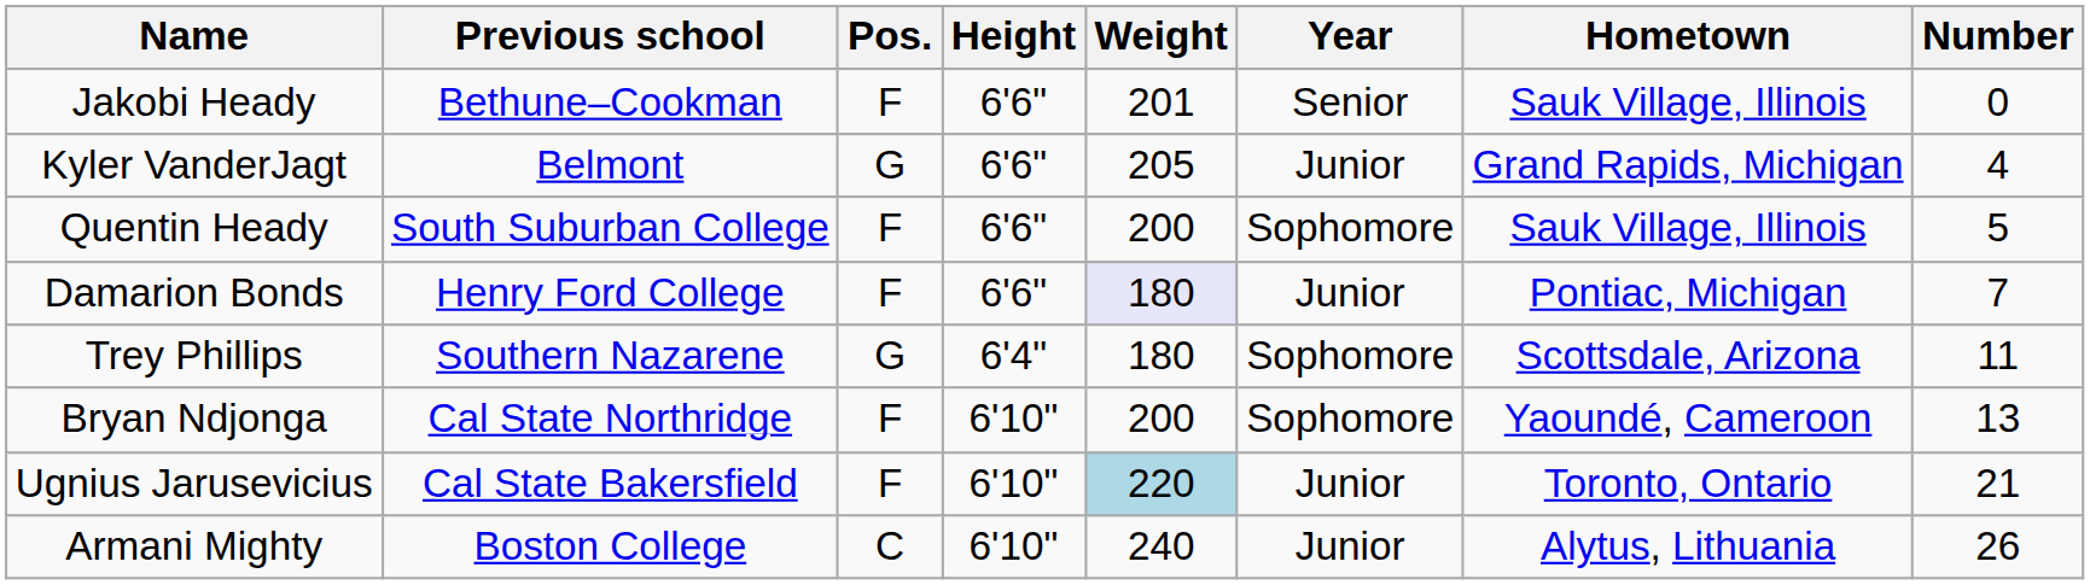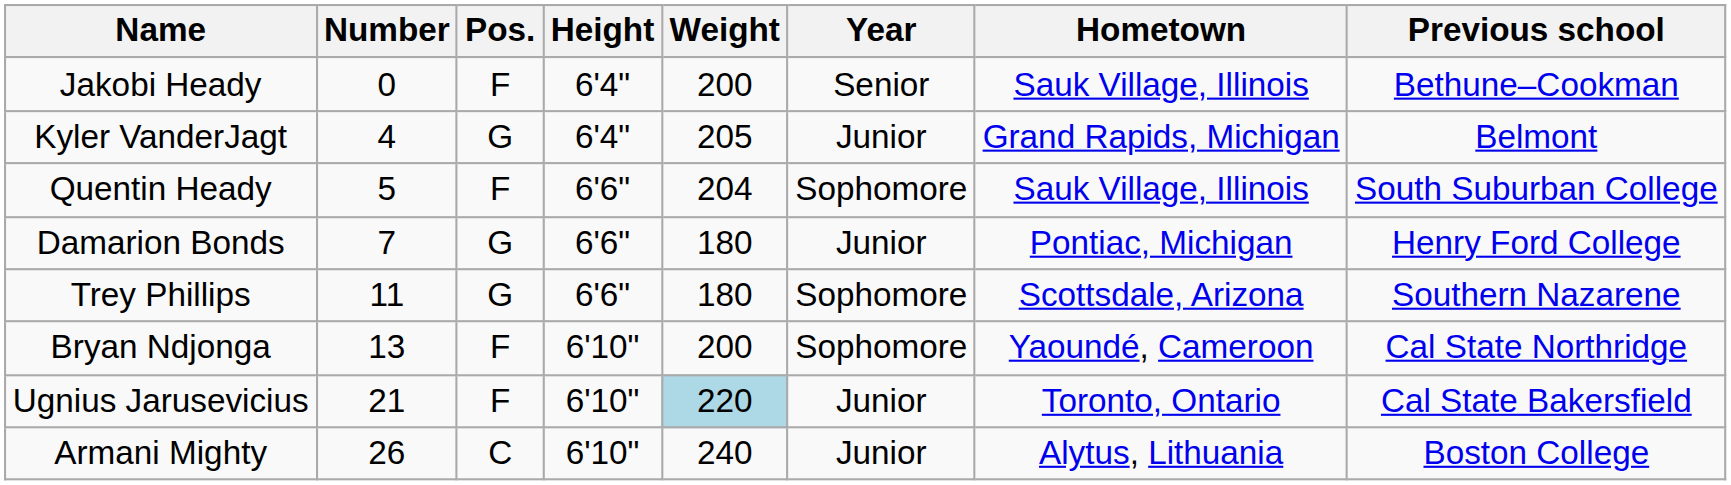 <table class="wikitable sortable" style="text-align:center">
 <tr align=center>
 <th>Name</th>
-<th class="unsortable">Previous school</th>
+<th>Number</th>
 <th>Pos.</th>
 <th>Height</th>
 <th>Weight</th>
 <th>Year</th>
 <th>Hometown</th>
-<th>Number</th>
+<th class="unsortable">Previous school</th>
 </tr>
 <tr>
 <td>Jakobi Heady</td>
-<td><a href='#'>Bethune–Cookman</a></td>
+<td>0</td>
 <td>F</td>
-<td>6'6"</td>
-<td>201</td>
+<td>6'4"</td>
+<td>200</td>
 <td>Senior</td>
 <td><a href='#'>Sauk Village, Illinois</a></td>
-<td>0</td>
+<td><a href='#'>Bethune–Cookman</a></td>
 </tr>
 <tr>
 <td>Kyler VanderJagt</td>
-<td><a href='#'>Belmont</a></td>
+<td>4</td>
 <td>G</td>
-<td>6'6"</td>
+<td>6'4"</td>
 <td>205</td>
 <td>Junior</td>
 <td><a href='#'>Grand Rapids, Michigan</a></td>
-<td>4</td>
+<td><a href='#'>Belmont</a></td>
 </tr>
 <tr>
 <td>Quentin Heady</td>
-<td><a href='#'>South Suburban College</a></td>
+<td>5</td>
 <td>F</td>
 <td>6'6"</td>
-<td>200</td>
+<td>204</td>
 <td>Sophomore</td>
 <td><a href='#'>Sauk Village, Illinois</a></td>
-<td>5</td>
+<td><a href='#'>South Suburban College</a></td>
 </tr>
 <tr>
 <td>Damarion Bonds</td>
-<td><a href='#'>Henry Ford College</a></td>
-<td>F</td>
+<td>7</td>
+<td>G</td>
 <td>6'6"</td>
-<td style="background: lavender;">180</td>
+<td>180</td>
 <td>Junior</td>
 <td><a href='#'>Pontiac, Michigan</a></td>
-<td>7</td>
+<td><a href='#'>Henry Ford College</a></td>
 </tr>
 <tr>
 <td>Trey Phillips</td>
-<td><a href='#'>Southern Nazarene</a></td>
+<td>11</td>
 <td>G</td>
-<td>6'4"</td>
+<td>6'6"</td>
 <td>180</td>
 <td>Sophomore</td>
 <td><a href='#'>Scottsdale, Arizona</a></td>
-<td>11</td>
+<td><a href='#'>Southern Nazarene</a></td>
 </tr>
 <tr>
 <td>Bryan Ndjonga</td>
-<td><a href='#'>Cal State Northridge</a></td>
+<td>13</td>
 <td>F</td>
 <td>6'10"</td>
 <td>200</td>
 <td>Sophomore</td>
 <td><a href='#'>Yaoundé</a>, <a href='#'>Cameroon</a></td>
-<td>13</td>
+<td><a href='#'>Cal State Northridge</a></td>
 </tr>
 <tr>
 <td>Ugnius Jarusevicius</td>
-<td><a href='#'>Cal State Bakersfield</a></td>
+<td>21</td>
 <td>F</td>
 <td>6'10"</td>
 <td style="background: lightblue;">220</td>
 <td>Junior</td>
 <td><a href='#'>Toronto, Ontario</a></td>
-<td>21</td>
+<td><a href='#'>Cal State Bakersfield</a></td>
 </tr>
 <tr>
 <td>Armani Mighty</td>
-<td><a href='#'>Boston College</a></td>
+<td>26</td>
 <td>C</td>
 <td>6'10"</td>
 <td>240</td>
 <td>Junior</td>
 <td><a href='#'>Alytus</a>, <a href='#'>Lithuania</a></td>
-<td>26</td>
+<td><a href='#'>Boston College</a></td>
 </tr>
 </table>
